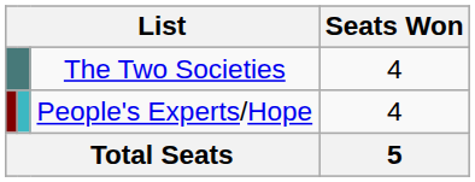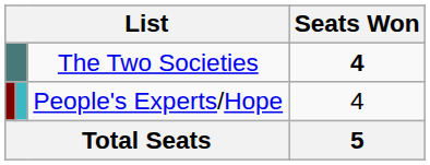 <table class="wikitable" style="text-align:center; margin-left:1em; font-size:91%; float:right;">
 <tr>
 <th colspan=3>List</th>
 <th>Seats Won</th>
 </tr>
 <tr>
 <td style="background:#477979;" colspan="2"></td>
 <td><a href='#'>The Two Societies</a></td>
-<td>4</td>
+<td><strong>4</strong></td>
 </tr>
 <tr>
 <td style="background:#800000;"></td>
 <td style="background:#3cb8c2;"></td>
 <td><a href='#'>People's Experts</a>/<a href='#'>Hope</a></td>
 <td>4</td>
 </tr>
 <tr>
 <th colspan=3>Total Seats</th>
 <th colspan=2>5</th>
 </tr>
 </table>
